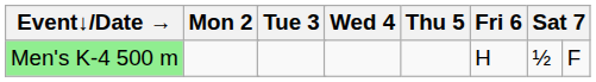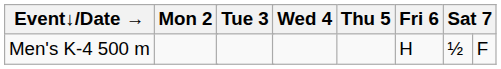 <table class="wikitable olympic-schedule canoeing">
 <tr>
 <th>Event↓/Date →</th>
 <th colspan="2">Mon 2</th>
 <th colspan="2">Tue 3</th>
 <th colspan="2">Wed 4</th>
 <th colspan="2">Thu 5</th>
 <th colspan="2">Fri 6</th>
 <th colspan="2">Sat 7</th>
 </tr>
 <tr>
-<td class="event" style="background: lightgreen;">Men's K-4 500 m</td>
+<td class="event">Men's K-4 500 m</td>
 <td colspan="2"></td>
 <td colspan="2"></td>
 <td colspan="2"></td>
 <td colspan="2"></td>
 <td colspan=2 class="heats">H</td>
 <td class="semifinals">½</td>
 <td class="final">F</td>
 </tr>
 </table>
